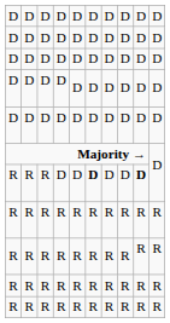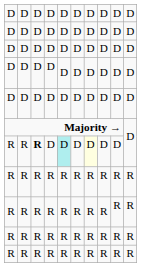 <table class="wikitable" style="text-align:center;">
 <tr>
 <td>D</td>
 <td>D</td>
 <td>D</td>
 <td>D</td>
 <td>D</td>
 <td>D</td>
 <td>D</td>
 <td>D</td>
 <td>D</td>
 <td>D</td>
 </tr>
 <tr>
 <td width=10% >D</td>
 <td width=10% >D</td>
 <td width=10% >D</td>
 <td width=10% >D</td>
 <td width=10% >D</td>
 <td width=10% >D</td>
 <td width=10% >D</td>
 <td width=10% >D</td>
 <td width=10% >D</td>
 <td width=10% >D</td>
 </tr>
 <tr>
 <td>D</td>
 <td>D</td>
 <td>D</td>
 <td>D</td>
 <td>D</td>
 <td>D</td>
 <td>D</td>
 <td>D</td>
 <td>D</td>
 <td>D</td>
 </tr>
 <tr>
 <td>D<br><br></td>
 <td>D<br><br></td>
 <td>D<br><br></td>
 <td>D<br><br></td>
 <td>D</td>
 <td>D</td>
 <td>D</td>
 <td>D</td>
 <td>D</td>
 <td>D</td>
 </tr>
 <tr>
 <td>D<br><br></td>
 <td>D<br><br></td>
 <td>D<br><br></td>
 <td>D<br><br></td>
 <td>D<br><br></td>
 <td>D<br><br></td>
 <td>D<br><br></td>
 <td>D<br><br></td>
 <td>D<br><br></td>
 <td>D<br><br></td>
 </tr>
 <tr>
 <td colspan=9 style="text-align:right"><strong>Majority →</strong></td>
 <td rowspan=2 >D<br><br></td>
 </tr>
 <tr>
 <td>R<br><br></td>
 <td>R<br><br></td>
-<td>R<br><br></td>
+<td><strong>R<br><br></strong></td>
+<td>D<br><br></td>
+<td style="background: paleturquoise;">D<br><br></td>
+<td>D<br><br></td>
+<td style="background: lightyellow;">D<br><br></td>
 <td>D<br><br></td>
 <td>D<br><br></td>
-<td><strong>D<br><br></strong></td>
-<td>D<br><br></td>
-<td>D<br><br></td>
-<td><strong>D<br><br></strong></td>
 </tr>
 <tr>
 <td>R<br><br></td>
 <td>R<br><br></td>
 <td>R<br><br></td>
 <td>R<br><br></td>
 <td>R<br><br></td>
 <td>R<br><br></td>
 <td>R<br><br></td>
 <td>R<br><br></td>
 <td>R<br><br></td>
 <td>R<br><br></td>
 </tr>
 <tr>
 <td>R</td>
 <td>R</td>
 <td>R</td>
 <td>R</td>
 <td>R</td>
 <td>R</td>
 <td>R</td>
 <td>R</td>
 <td>R<br><br></td>
 <td>R<br><br></td>
 </tr>
 <tr>
 <td>R</td>
 <td>R</td>
 <td>R</td>
 <td>R</td>
 <td>R</td>
 <td>R</td>
 <td>R</td>
 <td>R</td>
 <td>R</td>
 <td>R</td>
 </tr>
 <tr>
 <td>R</td>
 <td>R</td>
 <td>R</td>
 <td>R</td>
 <td>R</td>
 <td>R</td>
 <td>R</td>
 <td>R</td>
 <td>R</td>
 <td>R</td>
 </tr>
 </table>
